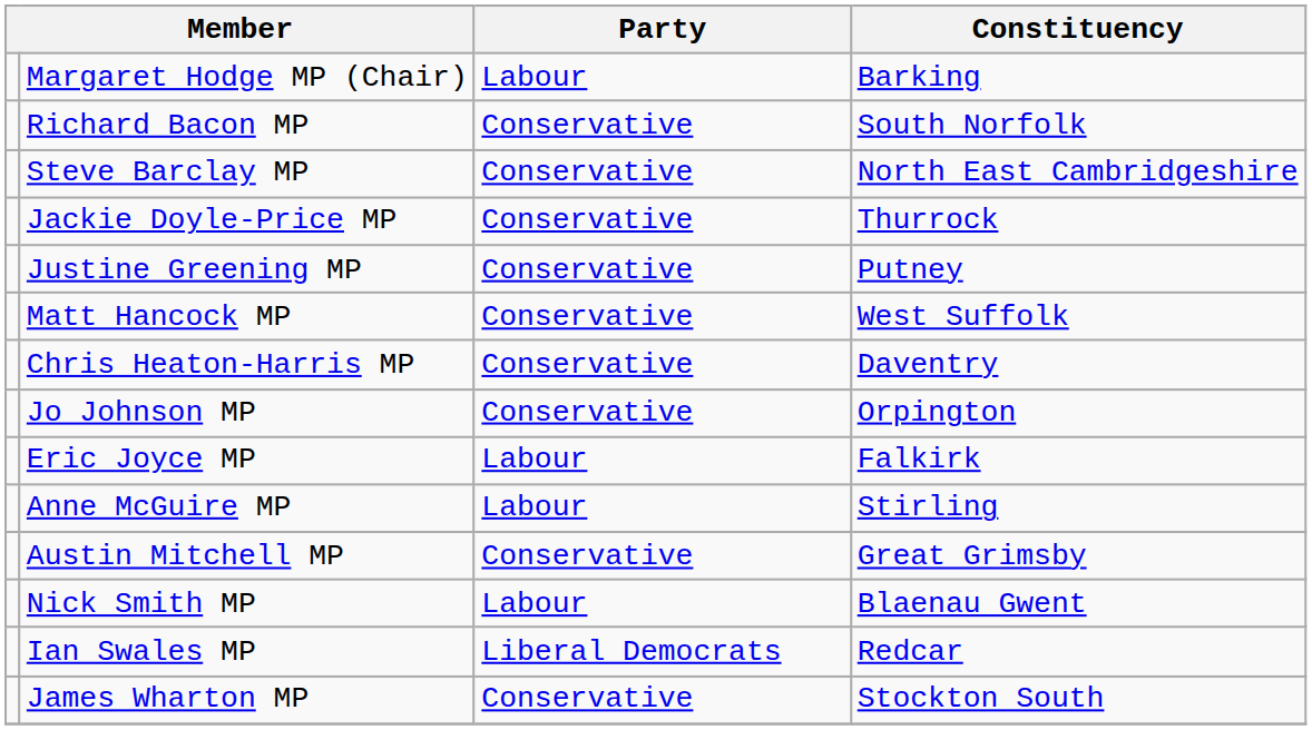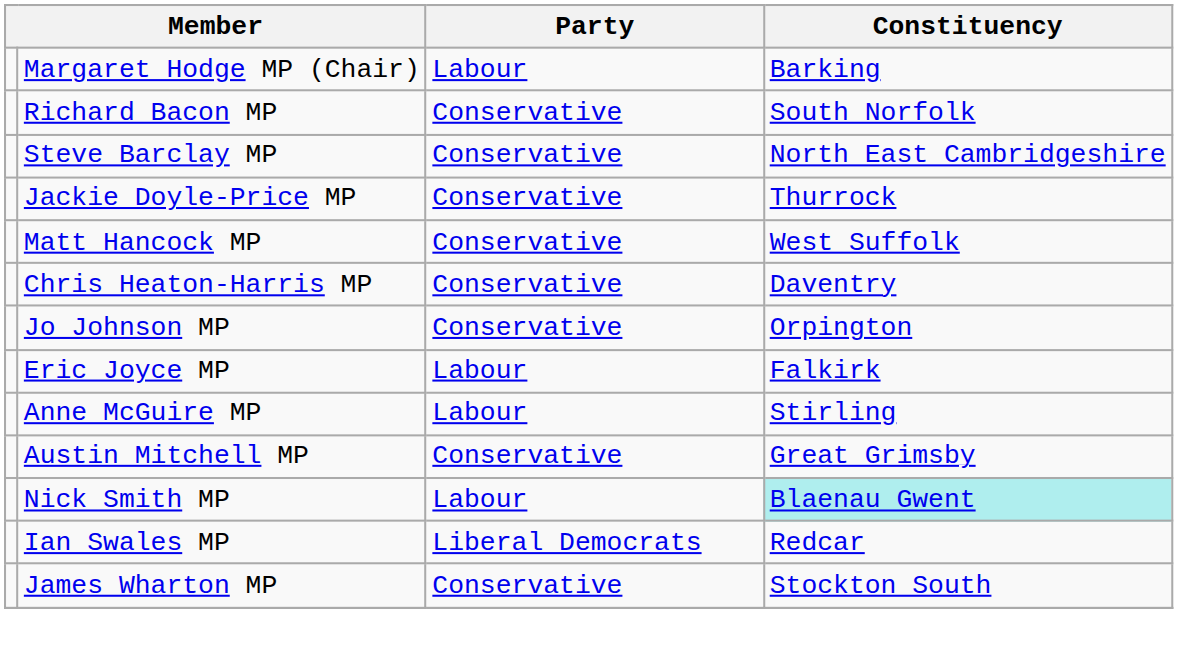 <table class="wikitable">
 <tr>
 <th width="160px" colspan="2" valign="top">Member</th>
 <th width="160px" valign="top">Party</th>
 <th valign="top">Constituency</th>
 </tr>
 <tr>
 <td style="color:inherit;background:"></td>
 <td><a href='#'>Margaret Hodge</a> MP (Chair)</td>
 <td><a href='#'>Labour</a></td>
 <td><a href='#'>Barking</a></td>
 </tr>
 <tr>
 <td style="color:inherit;background:"></td>
 <td><a href='#'>Richard Bacon</a> MP</td>
 <td><a href='#'>Conservative</a></td>
 <td><a href='#'>South Norfolk</a></td>
 </tr>
 <tr>
 <td style="color:inherit;background:"></td>
 <td><a href='#'>Steve Barclay</a> MP</td>
 <td><a href='#'>Conservative</a></td>
 <td><a href='#'>North East Cambridgeshire</a></td>
 </tr>
 <tr>
 <td style="color:inherit;background:"></td>
 <td><a href='#'>Jackie Doyle-Price</a> MP</td>
 <td><a href='#'>Conservative</a></td>
 <td><a href='#'>Thurrock</a></td>
-</tr>
-<tr>
-<td style="color:inherit;background:"></td>
-<td><a href='#'>Justine Greening</a> MP</td>
-<td><a href='#'>Conservative</a></td>
-<td><a href='#'>Putney</a></td>
 </tr>
 <tr>
 <td style="color:inherit;background:"></td>
 <td><a href='#'>Matt Hancock</a> MP</td>
 <td><a href='#'>Conservative</a></td>
 <td><a href='#'>West Suffolk</a></td>
 </tr>
 <tr>
 <td style="color:inherit;background:"></td>
 <td><a href='#'>Chris Heaton-Harris</a> MP</td>
 <td><a href='#'>Conservative</a></td>
 <td><a href='#'>Daventry</a></td>
 </tr>
 <tr>
 <td style="color:inherit;background:"></td>
 <td><a href='#'>Jo Johnson</a> MP</td>
 <td><a href='#'>Conservative</a></td>
 <td><a href='#'>Orpington</a></td>
 </tr>
 <tr>
 <td style="color:inherit;background:"></td>
 <td><a href='#'>Eric Joyce</a> MP</td>
 <td><a href='#'>Labour</a></td>
 <td><a href='#'>Falkirk</a></td>
 </tr>
 <tr>
 <td style="color:inherit;background:"></td>
 <td><a href='#'>Anne McGuire</a> MP</td>
 <td><a href='#'>Labour</a></td>
 <td><a href='#'>Stirling</a></td>
 </tr>
 <tr>
 <td style="color:inherit;background:"></td>
 <td><a href='#'>Austin Mitchell</a> MP</td>
 <td><a href='#'>Conservative</a></td>
 <td><a href='#'>Great Grimsby</a></td>
 </tr>
 <tr>
 <td style="color:inherit;background:"></td>
 <td><a href='#'>Nick Smith</a> MP</td>
 <td><a href='#'>Labour</a></td>
-<td><a href='#'>Blaenau Gwent</a></td>
+<td style="background: paleturquoise;"><a href='#'>Blaenau Gwent</a></td>
 </tr>
 <tr>
 <td style="color:inherit;background:"></td>
 <td><a href='#'>Ian Swales</a> MP</td>
 <td><a href='#'>Liberal Democrats</a></td>
 <td><a href='#'>Redcar</a></td>
 </tr>
 <tr>
 <td style="color:inherit;background:"></td>
 <td><a href='#'>James Wharton</a> MP</td>
 <td><a href='#'>Conservative</a></td>
 <td><a href='#'>Stockton South</a></td>
 </tr>
 <tr>
 </tr>
 </table>
